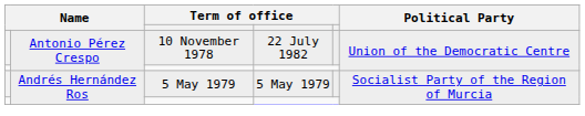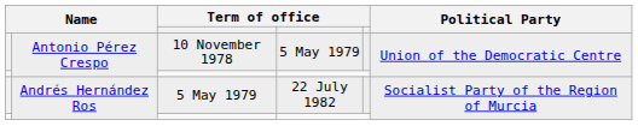 <table class="wikitable" style="text-align:center; border:1px #aaf solid;">
 <tr>
 <th rowspan="2" colspan="2">Name</th>
 <th colspan="3">Term of office</th>
 <th rowspan="2">Political Party</th>
 </tr>
 <tr>
 <th></th>
 <th></th>
 <th></th>
 </tr>
 <tr style="background:#eee;">
 <th style="color:inherit;background:"></th>
 <td rowspan=2><a href='#'>Antonio Pérez Crespo</a><br></td>
 <td>10 November 1978</td>
-<td>22 July 1982</td>
+<td>5 May 1979</td>
 <td></td>
 <td rowspan=2 ><a href='#'>Union of the Democratic Centre</a></td>
 </tr>
 <tr>
 <td align="left" colspan=3></td>
 </tr>
 <tr style="background:#eee;">
 <th style="color:inherit;background:"></th>
 <td rowspan=2><a href='#'>Andrés Hernández Ros</a><br></td>
 <td>5 May 1979</td>
-<td>5 May 1979</td>
+<td>22 July 1982</td>
 <td></td>
 <td rowspan=2 ><a href='#'>Socialist Party of the Region of Murcia</a></td>
 </tr>
 <tr>
 <td align="left" colspan=3></td>
 </tr>
 </table>
